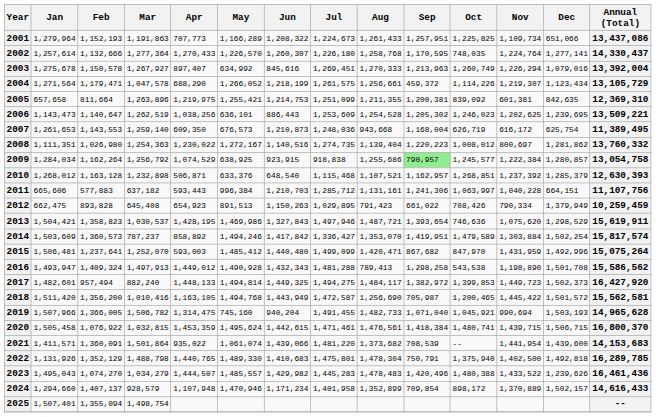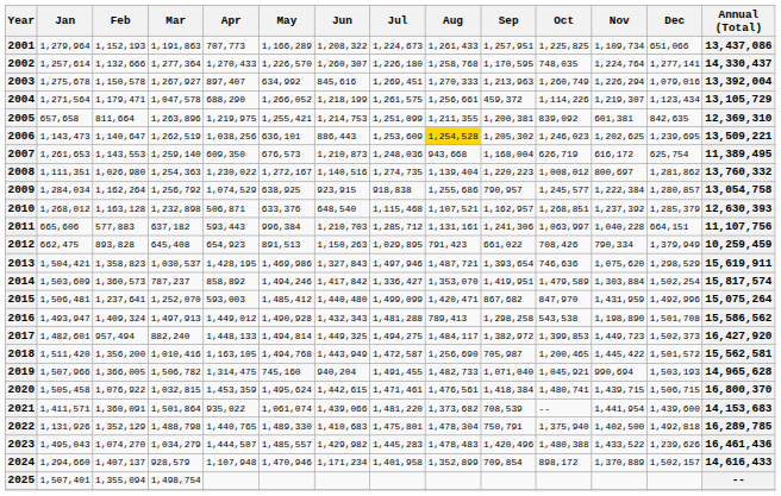 <table class="wikitable">
 <tr>
 <th>Year</th>
 <th>Jan</th>
 <th>Feb</th>
 <th>Mar</th>
 <th>Apr</th>
 <th>May</th>
 <th>Jun</th>
 <th>Jul</th>
 <th>Aug</th>
 <th>Sep</th>
 <th>Oct</th>
 <th>Nov</th>
 <th>Dec</th>
 <th>Annual (Total)</th>
 </tr>
 <tr>
 <th>2001</th>
 <td><small>1,279,964</small></td>
 <td><small>1,152,193</small></td>
 <td><small>1,191,863</small></td>
 <td><small>707,773</small></td>
 <td><small>1,166,289</small></td>
 <td><small>1,208,322</small></td>
 <td><small>1,224,673</small></td>
 <td><small>1,261,433</small></td>
 <td><small>1,257,951</small></td>
 <td><small>1,225,825</small></td>
 <td><small>1,109,734</small></td>
 <td><small>651,066</small></td>
 <th>13,437,086</th>
 </tr>
 <tr>
 <th>2002</th>
 <td><small>1,257,614</small></td>
 <td><small>1,132,666</small></td>
 <td><small>1,277,364</small></td>
 <td><small>1,270,433</small></td>
 <td><small>1,226,570</small></td>
 <td><small>1,260,307</small></td>
 <td><small>1,226,180</small></td>
 <td><small>1,258,768</small></td>
 <td><small>1,170,595</small></td>
 <td><small>748,035</small></td>
 <td><small>1,224,764</small></td>
 <td><small>1,277,141</small></td>
 <th>14,330,437</th>
 </tr>
 <tr>
 <th>2003</th>
 <td><small>1,275,678</small></td>
 <td><small>1,150,578</small></td>
 <td><small>1,267,927</small></td>
 <td><small>897,407</small></td>
 <td><small>634,992</small></td>
 <td><small>845,616</small></td>
 <td><small>1,269,451</small></td>
 <td><small>1,270,333</small></td>
 <td><small>1,213,963</small></td>
 <td><small>1,260,749</small></td>
 <td><small>1,226,294</small></td>
 <td><small>1,079,016</small></td>
 <th>13,392,004</th>
 </tr>
 <tr>
 <th>2004</th>
 <td><small>1,271,564</small></td>
 <td><small>1,179,471</small></td>
 <td><small>1,047,578</small></td>
 <td><small>688,290</small></td>
 <td><small>1,266,052</small></td>
 <td><small>1,218,199</small></td>
 <td><small>1,261,575</small></td>
 <td><small>1,256,661</small></td>
 <td><small>459,372</small></td>
 <td><small>1,114,226</small></td>
 <td><small>1,219,307</small></td>
 <td><small>1,123,434</small></td>
 <th>13,105,729</th>
 </tr>
 <tr>
 <th>2005</th>
 <td><small>657,658</small></td>
 <td><small>811,664</small></td>
 <td><small>1,263,896</small></td>
 <td><small>1,219,975</small></td>
 <td><small>1,255,421</small></td>
 <td><small>1,214,753</small></td>
 <td><small>1,251,099</small></td>
 <td><small>1,211,355</small></td>
 <td><small>1,200,381</small></td>
 <td><small>839,092</small></td>
 <td><small>601,381</small></td>
 <td><small>842,635</small></td>
 <th>12,369,310</th>
 </tr>
 <tr>
 <th>2006</th>
 <td><small>1,143,473</small></td>
 <td><small>1,140,647</small></td>
 <td><small>1,262,519</small></td>
 <td><small>1,038,256</small></td>
 <td><small>636,101</small></td>
 <td><small>886,443</small></td>
 <td><small>1,253,609</small></td>
-<td><small>1,254,528</small></td>
+<td style="background: gold;"><small>1,254,528</small></td>
 <td><small>1,205,302</small></td>
 <td><small>1,246,023</small></td>
 <td><small>1,202,625</small></td>
 <td><small>1,239,695</small></td>
 <th>13,509,221</th>
 </tr>
 <tr>
 <th>2007</th>
 <td><small>1,261,653</small></td>
 <td><small>1,143,553</small></td>
 <td><small>1,259,140</small></td>
 <td><small>609,350</small></td>
 <td><small>676,573</small></td>
 <td><small>1,210,873</small></td>
 <td><small>1,248,036</small></td>
 <td><small>943,668</small></td>
 <td><small>1,168,004</small></td>
 <td><small>626,719</small></td>
 <td><small>616,172</small></td>
 <td><small>625,754</small></td>
 <th>11,389,495</th>
 </tr>
 <tr>
 <th>2008</th>
 <td><small>1,111,351</small></td>
 <td><small>1,026,980</small></td>
 <td><small>1,254,363</small></td>
 <td><small>1,230,022</small></td>
 <td><small>1,272,167</small></td>
 <td><small>1,140,516</small></td>
 <td><small>1,274,735</small></td>
 <td><small>1,139,404</small></td>
 <td><small>1,220,223</small></td>
 <td><small>1,008,012</small></td>
 <td><small>800,697</small></td>
 <td><small>1,281,862</small></td>
 <th>13,760,332</th>
 </tr>
 <tr>
 <th>2009</th>
 <td><small>1,284,034</small></td>
 <td><small>1,162,264</small></td>
 <td><small>1,256,792</small></td>
 <td><small>1,074,529</small></td>
 <td><small>638,925</small></td>
 <td><small>923,915</small></td>
 <td><small>918,838</small></td>
 <td><small>1,255,686</small></td>
-<td style="background: lightgreen;"><small>790,957</small></td>
+<td><small>790,957</small></td>
 <td><small>1,245,577</small></td>
 <td><small>1,222,384</small></td>
 <td><small>1,280,857</small></td>
 <th>13,054,758</th>
 </tr>
 <tr>
 <th>2010</th>
 <td><small>1,268,012</small></td>
 <td><small>1,163,128</small></td>
 <td><small>1,232,898</small></td>
 <td><small>506,871</small></td>
 <td><small>633,376</small></td>
 <td><small>648,540</small></td>
 <td><small>1,115,468</small></td>
 <td><small>1,107,521</small></td>
 <td><small>1,162,957</small></td>
 <td><small>1,268,851</small></td>
 <td><small>1,237,392</small></td>
 <td><small>1,285,379</small></td>
 <th>12,630,393</th>
 </tr>
 <tr>
 <th>2011</th>
 <td><small>665,606</small></td>
 <td><small>577,883</small></td>
 <td><small>637,182</small></td>
 <td><small>593,443</small></td>
 <td><small>996,384</small></td>
 <td><small>1,210,703</small></td>
 <td><small>1,285,712</small></td>
 <td><small>1,131,161</small></td>
 <td><small>1,241,306</small></td>
 <td><small>1,063,997</small></td>
 <td><small>1,040,228</small></td>
 <td><small>664,151</small></td>
 <th>11,107,756</th>
 </tr>
 <tr>
 <th>2012</th>
 <td><small>662,475</small></td>
 <td><small>893,828</small></td>
 <td><small>645,408</small></td>
 <td><small>654,923</small></td>
 <td><small>891,513</small></td>
 <td><small>1,150,263</small></td>
 <td><small>1,029,895</small></td>
 <td><small>791,423</small></td>
 <td><small>661,022</small></td>
 <td><small>708,426</small></td>
 <td><small>790,334</small></td>
 <td><small>1,379,949</small></td>
 <th>10,259,459</th>
 </tr>
 <tr>
 <th>2013</th>
 <td><small>1,504,421</small></td>
 <td><small>1,358,823</small></td>
 <td><small>1,030,537</small></td>
 <td><small>1,428,195</small></td>
 <td><small>1,469,986</small></td>
 <td><small>1,327,843</small></td>
 <td><small>1,497,946</small></td>
 <td><small>1,487,721</small></td>
 <td><small>1,393,654</small></td>
 <td><small>746,636</small></td>
 <td><small>1,075,620</small></td>
 <td><small>1,298,529</small></td>
 <th>15,619,911</th>
 </tr>
 <tr>
 <th>2014</th>
 <td><small>1,503,609</small></td>
 <td><small>1,360,573</small></td>
 <td><small>787,237</small></td>
 <td><small>858,892</small></td>
 <td><small>1,494,246</small></td>
 <td><small>1,417,842</small></td>
 <td><small>1,336,427</small></td>
 <td><small>1,353,070</small></td>
 <td><small>1,419,951</small></td>
 <td><small>1,479,589</small></td>
 <td><small>1,303,884</small></td>
 <td><small>1,502,254</small></td>
 <th>15,817,574</th>
 </tr>
 <tr>
 <th>2015</th>
 <td><small>1,506,481</small></td>
 <td><small>1,237,641</small></td>
 <td><small>1,252,070</small></td>
 <td><small>593,003</small></td>
 <td><small>1,485,412</small></td>
 <td><small>1,440,480</small></td>
 <td><small>1,499,099</small></td>
 <td><small>1,420,471</small></td>
 <td><small>867,682</small></td>
 <td><small>847,970</small></td>
 <td><small>1,431,959</small></td>
 <td><small>1,492,996</small></td>
 <th>15,075,264</th>
 </tr>
 <tr>
 <th>2016</th>
 <td><small>1,493,947</small></td>
 <td><small>1,409,324</small></td>
 <td><small>1,497,913</small></td>
 <td><small>1,449,012</small></td>
 <td><small>1,490,928</small></td>
 <td><small>1,432,343</small></td>
 <td><small>1,481,288</small></td>
 <td><small>789,413</small></td>
 <td><small>1,298,258</small></td>
 <td><small>543,538</small></td>
 <td><small>1,198,890</small></td>
 <td><small>1,501,708</small></td>
 <th>15,586,562</th>
 </tr>
 <tr>
 <th>2017</th>
 <td><small>1,482,601</small></td>
 <td><small>957,494</small></td>
 <td><small>882,240</small></td>
 <td><small>1,448,133</small></td>
 <td><small>1,494,814</small></td>
 <td><small>1,449,325</small></td>
 <td><small>1,494,275</small></td>
 <td><small>1,484,117</small></td>
 <td><small>1,382,972</small></td>
 <td><small>1,399,853</small></td>
 <td><small>1,449,723</small></td>
 <td><small>1,502,373</small></td>
 <th>16,427,920</th>
 </tr>
 <tr>
 <th>2018</th>
 <td><small>1,511,420</small></td>
 <td><small>1,356,200</small></td>
 <td><small>1,010,416</small></td>
 <td><small>1,163,105</small></td>
 <td><small>1,494,768</small></td>
 <td><small>1,443,949</small></td>
 <td><small>1,472,587</small></td>
 <td><small>1,256,690</small></td>
 <td><small>705,987</small></td>
 <td><small>1,200,465</small></td>
 <td><small>1,445,422</small></td>
 <td><small>1,501,572</small></td>
 <th>15,562,581</th>
 </tr>
 <tr>
 <th>2019</th>
 <td><small>1,507,966</small></td>
 <td><small>1,366,005</small></td>
 <td><small>1,506,782</small></td>
 <td><small>1,314,475</small></td>
 <td><small>745,160</small></td>
 <td><small>940,204</small></td>
 <td><small>1,491,455</small></td>
 <td><small>1,482,733</small></td>
 <td><small>1,071,040</small></td>
 <td><small>1,045,921</small></td>
 <td><small>990,694</small></td>
 <td><small>1,503,193</small></td>
 <th>14,965,628</th>
 </tr>
 <tr>
 <th>2020</th>
 <td><small>1,505,458</small></td>
 <td><small>1,076,922</small></td>
 <td><small>1,032,815</small></td>
 <td><small>1,453,359</small></td>
 <td><small>1,495,624</small></td>
 <td><small>1,442,615</small></td>
 <td><small>1,471,461</small></td>
 <td><small>1,476,561</small></td>
 <td><small>1,418,384</small></td>
 <td><small>1,480,741</small></td>
 <td><small>1,439,715</small></td>
 <td><small>1,506,715</small></td>
 <th>16,800,370</th>
 </tr>
 <tr>
 <th>2021</th>
 <td><small>1,411,571</small></td>
 <td><small>1,360,091</small></td>
 <td><small>1,501,864</small></td>
 <td><small>935,022</small></td>
 <td><small>1,061,074</small></td>
 <td><small>1,439,066</small></td>
 <td><small>1,481,220</small></td>
 <td><small>1,373,682</small></td>
 <td><small>708,539</small></td>
 <td><small>--</small></td>
 <td><small>1,441,954</small></td>
 <td><small>1,439,600</small></td>
 <th>14,153,683</th>
 </tr>
 <tr>
 <th>2022</th>
 <td><small>1,131,926</small></td>
 <td><small>1,352,129</small></td>
 <td><small>1,488,798</small></td>
 <td><small>1,440,765</small></td>
 <td><small>1,489,330</small></td>
 <td><small>1,410,683</small></td>
 <td><small>1,475,801</small></td>
 <td><small>1,478,304</small></td>
 <td><small>750,791</small></td>
 <td><small>1,375,940</small></td>
 <td><small>1,402,500</small></td>
 <td><small>1,492,818</small></td>
 <th>16,289,785</th>
 </tr>
 <tr>
 <th>2023</th>
 <td><small>1,495,043</small></td>
 <td><small>1,074,270</small></td>
 <td><small>1,034,279</small></td>
 <td><small>1,444,507</small></td>
 <td><small>1,485,557</small></td>
 <td><small>1,429,982</small></td>
 <td><small>1,445,283</small></td>
 <td><small>1,478,483</small></td>
 <td><small>1,420,496</small></td>
 <td><small>1,480,388</small></td>
 <td><small>1,433,522</small></td>
 <td><small>1,239,626</small></td>
 <th>16,461,436</th>
 </tr>
 <tr>
 <th>2024</th>
 <td><small>1,294,660</small></td>
 <td><small>1,407,137</small></td>
 <td><small>928,579</small></td>
 <td><small>1,107,948</small></td>
 <td><small>1,470,946</small></td>
 <td><small>1,171,234</small></td>
 <td><small>1,401,958</small></td>
 <td><small>1,352,899</small></td>
 <td><small>709,854</small></td>
 <td><small>898,172</small></td>
 <td><small>1,370,889</small></td>
 <td><small>1,502,157</small></td>
 <th>14,616,433</th>
 </tr>
 <tr>
 <th>2025</th>
 <td><small>1,507,401</small></td>
 <td><small>1,355,094</small></td>
 <td><small>1,498,754</small></td>
 <td><small></small></td>
 <td><small></small></td>
 <td><small></small></td>
 <td><small></small></td>
 <td><small></small></td>
 <td><small></small></td>
 <td><small></small></td>
 <td><small></small></td>
 <td><small></small></td>
 <th>--</th>
 </tr>
 <tr>
 </tr>
 </table>
